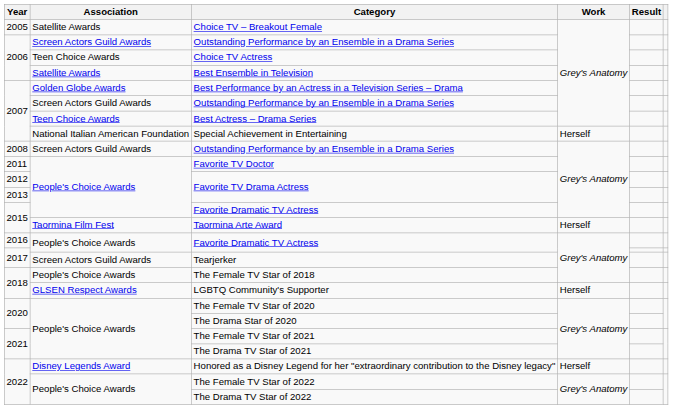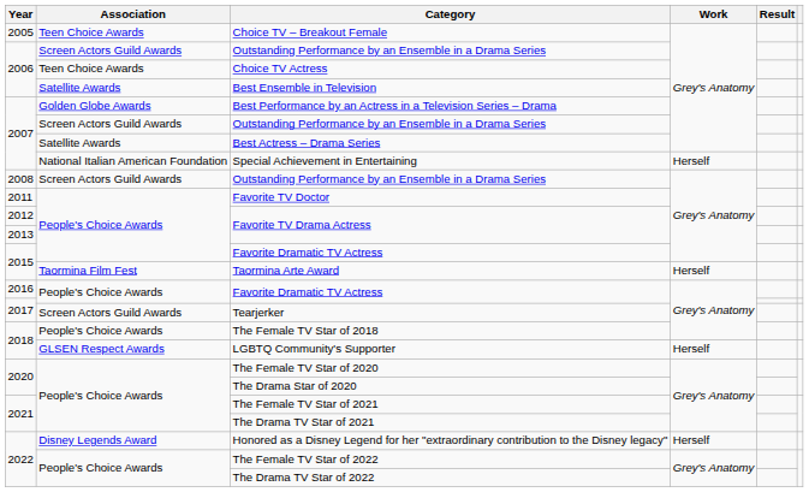 <table class="wikitable sortable">
 <tr>
 <th>Year</th>
 <th>Association</th>
 <th>Category</th>
 <th>Work</th>
 <th>Result</th>
 <th class="unsortable"></th>
 </tr>
 <tr>
 <td>2005</td>
-<td>Satellite Awards</td>
+<td><a href='#'>Teen Choice Awards</a></td>
 <td><a href='#'>Choice TV – Breakout Female</a></td>
 <td rowspan="7"><em>Grey's Anatomy</em></td>
 <td></td>
 <td style="text-align:center;"></td>
 </tr>
 <tr>
 <td rowspan="3'">2006</td>
 <td><a href='#'>Screen Actors Guild Awards</a></td>
 <td><a href='#'>Outstanding Performance by an Ensemble in a Drama Series</a></td>
 <td></td>
 <td style="text-align:center;"></td>
 </tr>
 <tr>
 <td>Teen Choice Awards</td>
 <td><a href='#'>Choice TV Actress</a></td>
 <td></td>
 <td style="text-align:center;"></td>
 </tr>
 <tr>
 <td><a href='#'>Satellite Awards</a></td>
 <td><a href='#'>Best Ensemble in Television</a></td>
 <td></td>
 <td style="text-align:center;"></td>
 </tr>
 <tr>
 <td rowspan="4">2007</td>
 <td><a href='#'>Golden Globe Awards</a></td>
 <td><a href='#'>Best Performance by an Actress in a Television Series – Drama</a></td>
 <td></td>
 <td style="text-align:center;"></td>
 </tr>
 <tr>
 <td>Screen Actors Guild Awards</td>
 <td><a href='#'>Outstanding Performance by an Ensemble in a Drama Series</a></td>
 <td></td>
 <td style="text-align:center;"></td>
 </tr>
 <tr>
-<td><a href='#'>Teen Choice Awards</a></td>
+<td>Satellite Awards</td>
 <td><a href='#'>Best Actress – Drama Series</a></td>
 <td></td>
 <td style="text-align:center;"></td>
 </tr>
 <tr>
 <td>National Italian American Foundation</td>
 <td>Special Achievement in Entertaining</td>
 <td>Herself</td>
 <td></td>
 <td style="text-align:center;"></td>
 </tr>
 <tr>
 <td>2008</td>
 <td>Screen Actors Guild Awards</td>
 <td><a href='#'>Outstanding Performance by an Ensemble in a Drama Series</a></td>
 <td rowspan="5"><em>Grey's Anatomy</em></td>
 <td></td>
 <td style="text-align:center;"></td>
 </tr>
 <tr>
 <td>2011</td>
 <td rowspan="4"><a href='#'>People's Choice Awards</a></td>
 <td><a href='#'>Favorite TV Doctor</a></td>
 <td></td>
 <td style="text-align:center;"></td>
 </tr>
 <tr>
 <td>2012</td>
 <td rowspan="2"><a href='#'>Favorite TV Drama Actress</a></td>
 <td></td>
 <td style="text-align:center;"></td>
 </tr>
 <tr>
 <td>2013</td>
 <td></td>
 <td style="text-align:center;"></td>
 </tr>
 <tr>
 <td rowspan="2">2015</td>
 <td><a href='#'>Favorite Dramatic TV Actress</a></td>
 <td></td>
 <td style="text-align:center;"></td>
 </tr>
 <tr>
 <td><a href='#'>Taormina Film Fest</a></td>
 <td><a href='#'>Taormina Arte Award</a></td>
 <td>Herself</td>
 <td></td>
 <td style="text-align:center;"></td>
 </tr>
 <tr>
 <td>2016</td>
 <td rowspan="2">People's Choice Awards</td>
 <td rowspan="2"><a href='#'>Favorite Dramatic TV Actress</a></td>
 <td rowspan="4"><em>Grey's Anatomy</em></td>
 <td></td>
 <td style="text-align:center;"></td>
 </tr>
 <tr>
 <td rowspan="2">2017</td>
 <td></td>
 <td style="text-align:center;"></td>
 </tr>
 <tr>
 <td>Screen Actors Guild Awards</td>
 <td>Tearjerker</td>
 <td></td>
 <td style="text-align:center;"></td>
 </tr>
 <tr>
 <td rowspan="2">2018</td>
 <td>People's Choice Awards</td>
 <td>The Female TV Star of 2018</td>
 <td></td>
 <td style="text-align:center;"></td>
 </tr>
 <tr>
 <td><a href='#'>GLSEN Respect Awards</a></td>
 <td>LGBTQ Community's Supporter</td>
 <td>Herself</td>
 <td></td>
 <td style="text-align:center;"></td>
 </tr>
 <tr>
 <td rowspan="2">2020</td>
 <td rowspan="4">People's Choice Awards</td>
 <td>The Female TV Star of 2020</td>
 <td rowspan="4"><em>Grey's Anatomy</em></td>
 <td></td>
 <td style="text-align:center;" rowspan="2"></td>
 </tr>
 <tr>
 <td>The Drama Star of 2020</td>
 <td></td>
 </tr>
 <tr>
 <td rowspan="2">2021</td>
 <td>The Female TV Star of 2021</td>
 <td></td>
 <td style="text-align:center;" rowspan="2"></td>
 </tr>
 <tr>
 <td>The Drama TV Star of 2021</td>
 <td></td>
 </tr>
 <tr>
 <td rowspan="3">2022</td>
 <td><a href='#'>Disney Legends Award</a></td>
 <td>Honored as a Disney Legend for her "extraordinary contribution to the Disney legacy"</td>
 <td>Herself</td>
 <td></td>
 <td style="text-align:center;"></td>
 </tr>
 <tr>
 <td rowspan="2">People's Choice Awards</td>
 <td>The Female TV Star of 2022</td>
 <td rowspan="2"><em>Grey's Anatomy</em></td>
 <td></td>
 <td style="text-align:center;" rowspan="2"></td>
 </tr>
 <tr>
 <td>The Drama TV Star of 2022</td>
 <td></td>
 </tr>
 </table>
